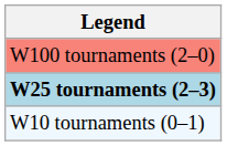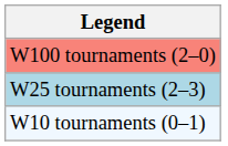 <table class=wikitable style="font-size:85%">
 <tr>
 <th>Legend</th>
 </tr>
 <tr style="background:#f88379;">
 <td>W100 tournaments (2–0)</td>
 </tr>
 <tr style="background:lightblue;">
-<td><strong>W25 tournaments (2–3)</strong></td>
+<td>W25 tournaments (2–3)</td>
 </tr>
 <tr style="background:#f0f8ff;">
 <td>W10 tournaments (0–1)</td>
 </tr>
 </table>
